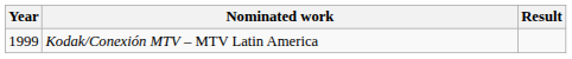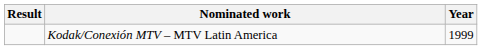 <table class="wikitable sortable plainrowheaders" style="margin-right: 0;">
 <tr>
+<th width="30">Result</th>
+<th width="500">Nominated work</th>
 <th width="30”">Year</th>
-<th width="500">Nominated work</th>
-<th width="30">Result</th>
 </tr>
 <tr>
+<td></td>
+<td><em>Kodak/Conexión MTV</em> – MTV Latin America</td>
 <td scope="row">1999</td>
-<td><em>Kodak/Conexión MTV</em> – MTV Latin America</td>
-<td></td>
 </tr>
 </table>
